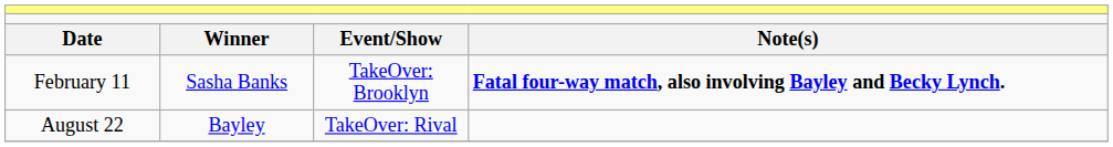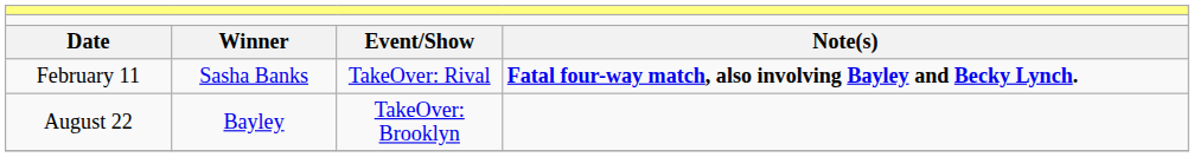 <table class="wikitable" style="text-align:center; width:100%;">
 <tr style="background:#FFFF80;">
 <td colspan="5"></td>
 </tr>
 <tr>
 <td colspan="5"><strong></strong></td>
 </tr>
 <tr>
 <th width=14%>Date</th>
 <th width=14%>Winner</th>
 <th width=14%>Event/Show</th>
 <th width=58%>Note(s)</th>
 </tr>
 <tr>
 <td>February 11</td>
 <td><a href='#'>Sasha Banks</a></td>
-<td><a href='#'>TakeOver: Brooklyn</a></td>
+<td><a href='#'>TakeOver: Rival</a></td>
 <td align=left><strong><a href='#'>Fatal four-way match</a>, also involving <a href='#'>Bayley</a> and <a href='#'>Becky Lynch</a>.</strong></td>
 </tr>
 <tr>
 <td>August 22</td>
 <td><a href='#'>Bayley</a></td>
-<td><a href='#'>TakeOver: Rival</a></td>
+<td><a href='#'>TakeOver: Brooklyn</a></td>
 <td></td>
 </tr>
 <tr>
 </tr>
 </table>
